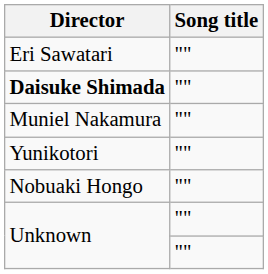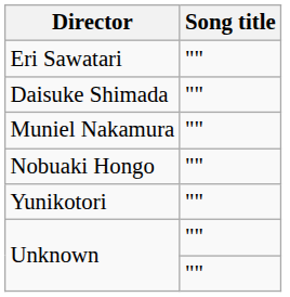 <table class="wikitable">
 <tr>
 <th>Director</th>
 <th>Song title</th>
 </tr>
 <tr>
 <td>Eri Sawatari</td>
 <td>""</td>
 </tr>
 <tr>
-<td><strong>Daisuke Shimada</strong></td>
+<td>Daisuke Shimada</td>
 <td>""</td>
 </tr>
 <tr>
 <td>Muniel Nakamura</td>
 <td>""</td>
 </tr>
 <tr>
-<td>Yunikotori</td>
+<td>Nobuaki Hongo</td>
 <td>""</td>
 </tr>
 <tr>
-<td>Nobuaki Hongo</td>
+<td>Yunikotori</td>
 <td>""</td>
 </tr>
 <tr>
 <td rowspan="2">Unknown</td>
 <td>""</td>
 </tr>
 <tr>
 <td>""</td>
 </tr>
 </table>
